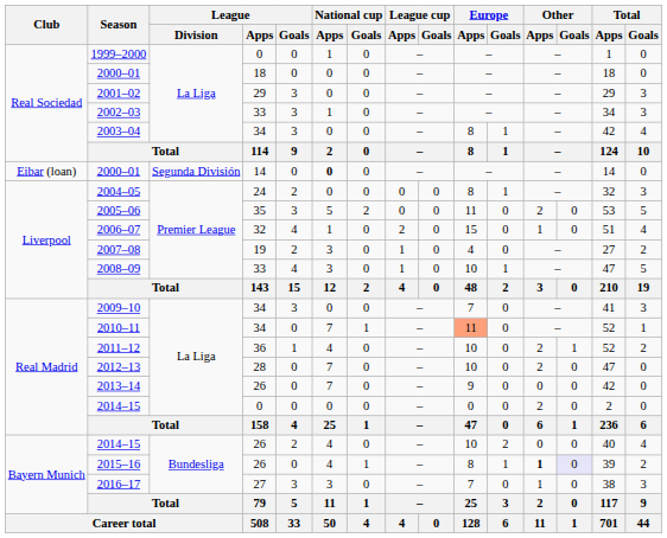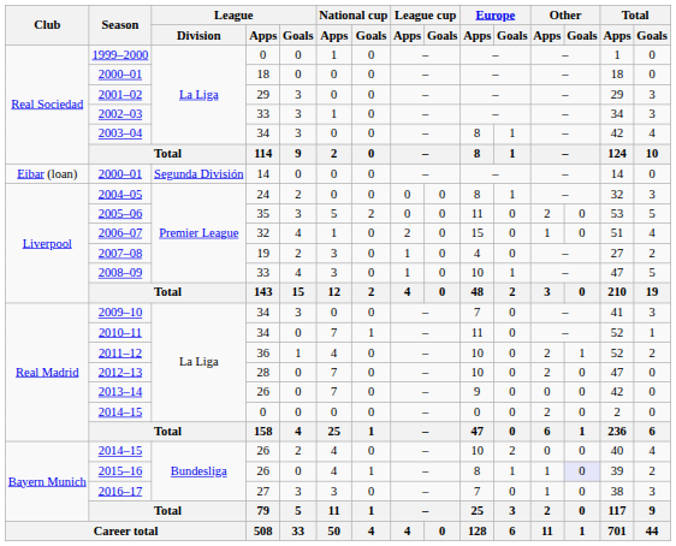 <table class="wikitable" style="text-align: center;">
 <tr>
 <th rowspan="2">Club</th>
 <th rowspan="2">Season</th>
 <th colspan="3">League</th>
 <th colspan="2">National cup</th>
 <th colspan="2">League cup</th>
 <th colspan="2"><a href='#'>Europe</a></th>
 <th colspan="2">Other</th>
 <th colspan="2">Total</th>
 </tr>
 <tr>
 <th>Division</th>
 <th>Apps</th>
 <th>Goals</th>
 <th>Apps</th>
 <th>Goals</th>
 <th>Apps</th>
 <th>Goals</th>
 <th>Apps</th>
 <th>Goals</th>
 <th>Apps</th>
 <th>Goals</th>
 <th>Apps</th>
 <th>Goals</th>
 </tr>
 <tr>
 <td rowspan="6"><a href='#'>Real Sociedad</a></td>
 <td><a href='#'>1999–2000</a></td>
 <td rowspan="5"><a href='#'>La Liga</a></td>
 <td>0</td>
 <td>0</td>
 <td>1</td>
 <td>0</td>
 <td colspan="2">–</td>
 <td colspan="2">–</td>
 <td colspan="2">–</td>
 <td>1</td>
 <td>0</td>
 </tr>
 <tr>
 <td><a href='#'>2000–01</a></td>
 <td>18</td>
 <td>0</td>
 <td>0</td>
 <td>0</td>
 <td colspan="2">–</td>
 <td colspan="2">–</td>
 <td colspan="2">–</td>
 <td>18</td>
 <td>0</td>
 </tr>
 <tr>
 <td><a href='#'>2001–02</a></td>
 <td>29</td>
 <td>3</td>
 <td>0</td>
 <td>0</td>
 <td colspan="2">–</td>
 <td colspan="2">–</td>
 <td colspan="2">–</td>
 <td>29</td>
 <td>3</td>
 </tr>
 <tr>
 <td><a href='#'>2002–03</a></td>
 <td>33</td>
 <td>3</td>
 <td>1</td>
 <td>0</td>
 <td colspan="2">–</td>
 <td colspan="2">–</td>
 <td colspan="2">–</td>
 <td>34</td>
 <td>3</td>
 </tr>
 <tr>
 <td><a href='#'>2003–04</a></td>
 <td>34</td>
 <td>3</td>
 <td>0</td>
 <td>0</td>
 <td colspan="2">–</td>
 <td>8</td>
 <td>1</td>
 <td colspan="2">–</td>
 <td>42</td>
 <td>4</td>
 </tr>
 <tr>
 <th colspan="2">Total</th>
 <th>114</th>
 <th>9</th>
 <th>2</th>
 <th>0</th>
 <th colspan="2">–</th>
 <th>8</th>
 <th>1</th>
 <th colspan="2">–</th>
 <th>124</th>
 <th>10</th>
 </tr>
 <tr>
 <td><a href='#'>Eibar</a> (loan)</td>
 <td><a href='#'>2000–01</a></td>
 <td><a href='#'>Segunda División</a></td>
 <td>14</td>
 <td>0</td>
-<td><strong>0</strong></td>
+<td>0</td>
 <td>0</td>
 <td colspan="2">–</td>
 <td colspan="2">–</td>
 <td colspan="2">–</td>
 <td>14</td>
 <td>0</td>
 </tr>
 <tr>
 <td rowspan="6"><a href='#'>Liverpool</a></td>
 <td><a href='#'>2004–05</a></td>
 <td rowspan="5"><a href='#'>Premier League</a></td>
 <td>24</td>
 <td>2</td>
 <td>0</td>
 <td>0</td>
 <td>0</td>
 <td>0</td>
 <td>8</td>
 <td>1</td>
 <td colspan="2">–</td>
 <td>32</td>
 <td>3</td>
 </tr>
 <tr>
 <td><a href='#'>2005–06</a></td>
 <td>35</td>
 <td>3</td>
 <td>5</td>
 <td>2</td>
 <td>0</td>
 <td>0</td>
 <td>11</td>
 <td>0</td>
 <td>2</td>
 <td>0</td>
 <td>53</td>
 <td>5</td>
 </tr>
 <tr>
 <td><a href='#'>2006–07</a></td>
 <td>32</td>
 <td>4</td>
 <td>1</td>
 <td>0</td>
 <td>2</td>
 <td>0</td>
 <td>15</td>
 <td>0</td>
 <td>1</td>
 <td>0</td>
 <td>51</td>
 <td>4</td>
 </tr>
 <tr>
 <td><a href='#'>2007–08</a></td>
 <td>19</td>
 <td>2</td>
 <td>3</td>
 <td>0</td>
 <td>1</td>
 <td>0</td>
 <td>4</td>
 <td>0</td>
 <td colspan="2">–</td>
 <td>27</td>
 <td>2</td>
 </tr>
 <tr>
 <td><a href='#'>2008–09</a></td>
 <td>33</td>
 <td>4</td>
 <td>3</td>
 <td>0</td>
 <td>1</td>
 <td>0</td>
 <td>10</td>
 <td>1</td>
 <td colspan="2">–</td>
 <td>47</td>
 <td>5</td>
 </tr>
 <tr>
 <th colspan="2">Total</th>
 <th>143</th>
 <th>15</th>
 <th>12</th>
 <th>2</th>
 <th>4</th>
 <th>0</th>
 <th>48</th>
 <th>2</th>
 <th>3</th>
 <th>0</th>
 <th>210</th>
 <th>19</th>
 </tr>
 <tr>
 <td rowspan="7"><a href='#'>Real Madrid</a></td>
 <td><a href='#'>2009–10</a></td>
 <td rowspan="6">La Liga</td>
 <td>34</td>
 <td>3</td>
 <td>0</td>
 <td>0</td>
 <td colspan="2">–</td>
 <td>7</td>
 <td>0</td>
 <td colspan="2">–</td>
 <td>41</td>
 <td>3</td>
 </tr>
 <tr>
 <td><a href='#'>2010–11</a></td>
 <td>34</td>
 <td>0</td>
 <td>7</td>
 <td>1</td>
 <td colspan="2">–</td>
-<td style="background: lightsalmon;">11</td>
+<td>11</td>
 <td>0</td>
 <td colspan="2">–</td>
 <td>52</td>
 <td>1</td>
 </tr>
 <tr>
 <td><a href='#'>2011–12</a></td>
 <td>36</td>
 <td>1</td>
 <td>4</td>
 <td>0</td>
 <td colspan="2">–</td>
 <td>10</td>
 <td>0</td>
 <td>2</td>
 <td>1</td>
 <td>52</td>
 <td>2</td>
 </tr>
 <tr>
 <td><a href='#'>2012–13</a></td>
 <td>28</td>
 <td>0</td>
 <td>7</td>
 <td>0</td>
 <td colspan="2">–</td>
 <td>10</td>
 <td>0</td>
 <td>2</td>
 <td>0</td>
 <td>47</td>
 <td>0</td>
 </tr>
 <tr>
 <td><a href='#'>2013–14</a></td>
 <td>26</td>
 <td>0</td>
 <td>7</td>
 <td>0</td>
 <td colspan="2">–</td>
 <td>9</td>
 <td>0</td>
 <td>0</td>
 <td>0</td>
 <td>42</td>
 <td>0</td>
 </tr>
 <tr>
 <td><a href='#'>2014–15</a></td>
 <td>0</td>
 <td>0</td>
 <td>0</td>
 <td>0</td>
 <td colspan="2">–</td>
 <td>0</td>
 <td>0</td>
 <td>2</td>
 <td>0</td>
 <td>2</td>
 <td>0</td>
 </tr>
 <tr>
 <th colspan="2">Total</th>
 <th>158</th>
 <th>4</th>
 <th>25</th>
 <th>1</th>
 <th colspan="2">–</th>
 <th>47</th>
 <th>0</th>
 <th>6</th>
 <th>1</th>
 <th>236</th>
 <th>6</th>
 </tr>
 <tr>
 <td rowspan="4"><a href='#'>Bayern Munich</a></td>
 <td><a href='#'>2014–15</a></td>
 <td rowspan="3"><a href='#'>Bundesliga</a></td>
 <td>26</td>
 <td>2</td>
 <td>4</td>
 <td>0</td>
 <td colspan="2">–</td>
 <td>10</td>
 <td>2</td>
 <td>0</td>
 <td>0</td>
 <td>40</td>
 <td>4</td>
 </tr>
 <tr>
 <td><a href='#'>2015–16</a></td>
 <td>26</td>
 <td>0</td>
 <td>4</td>
 <td>1</td>
 <td colspan="2">–</td>
 <td>8</td>
 <td>1</td>
-<td><strong>1</strong></td>
+<td>1</td>
 <td style="background: lavender;">0</td>
 <td>39</td>
 <td>2</td>
 </tr>
 <tr>
 <td><a href='#'>2016–17</a></td>
 <td>27</td>
 <td>3</td>
 <td>3</td>
 <td>0</td>
 <td colspan="2">–</td>
 <td>7</td>
 <td>0</td>
 <td>1</td>
 <td>0</td>
 <td>38</td>
 <td>3</td>
 </tr>
 <tr>
 <th colspan="2">Total</th>
 <th>79</th>
 <th>5</th>
 <th>11</th>
 <th>1</th>
 <th colspan="2">–</th>
 <th>25</th>
 <th>3</th>
 <th>2</th>
 <th>0</th>
 <th>117</th>
 <th>9</th>
 </tr>
 <tr>
 <th colspan="3">Career total</th>
 <th>508</th>
 <th>33</th>
 <th>50</th>
 <th>4</th>
 <th>4</th>
 <th>0</th>
 <th>128</th>
 <th>6</th>
 <th>11</th>
 <th>1</th>
 <th>701</th>
 <th>44</th>
 </tr>
 </table>
